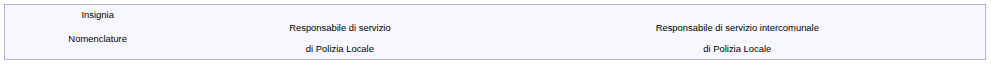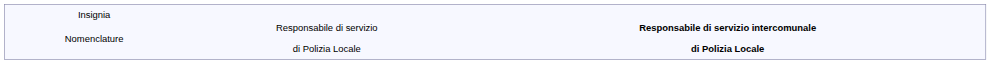 <table style="border:1px solid #8888aa; background-color:#f7f8ff; padding:5px; font-size:95%; margin: 0px 12px 12px 0px;" width="100%">
 <tr align="center">
 <td>Insignia</td>
 <td></td>
 <td></td>
 </tr>
 <tr align="center">
 <td>Nomenclature</td>
 <td>Responsabile di servizio<br><br>di Polizia Locale</td>
-<td>Responsabile di servizio intercomunale<br><br>di Polizia Locale</td>
+<td><strong>Responsabile di servizio intercomunale<br><br>di Polizia Locale</strong></td>
 </tr>
 </table>
